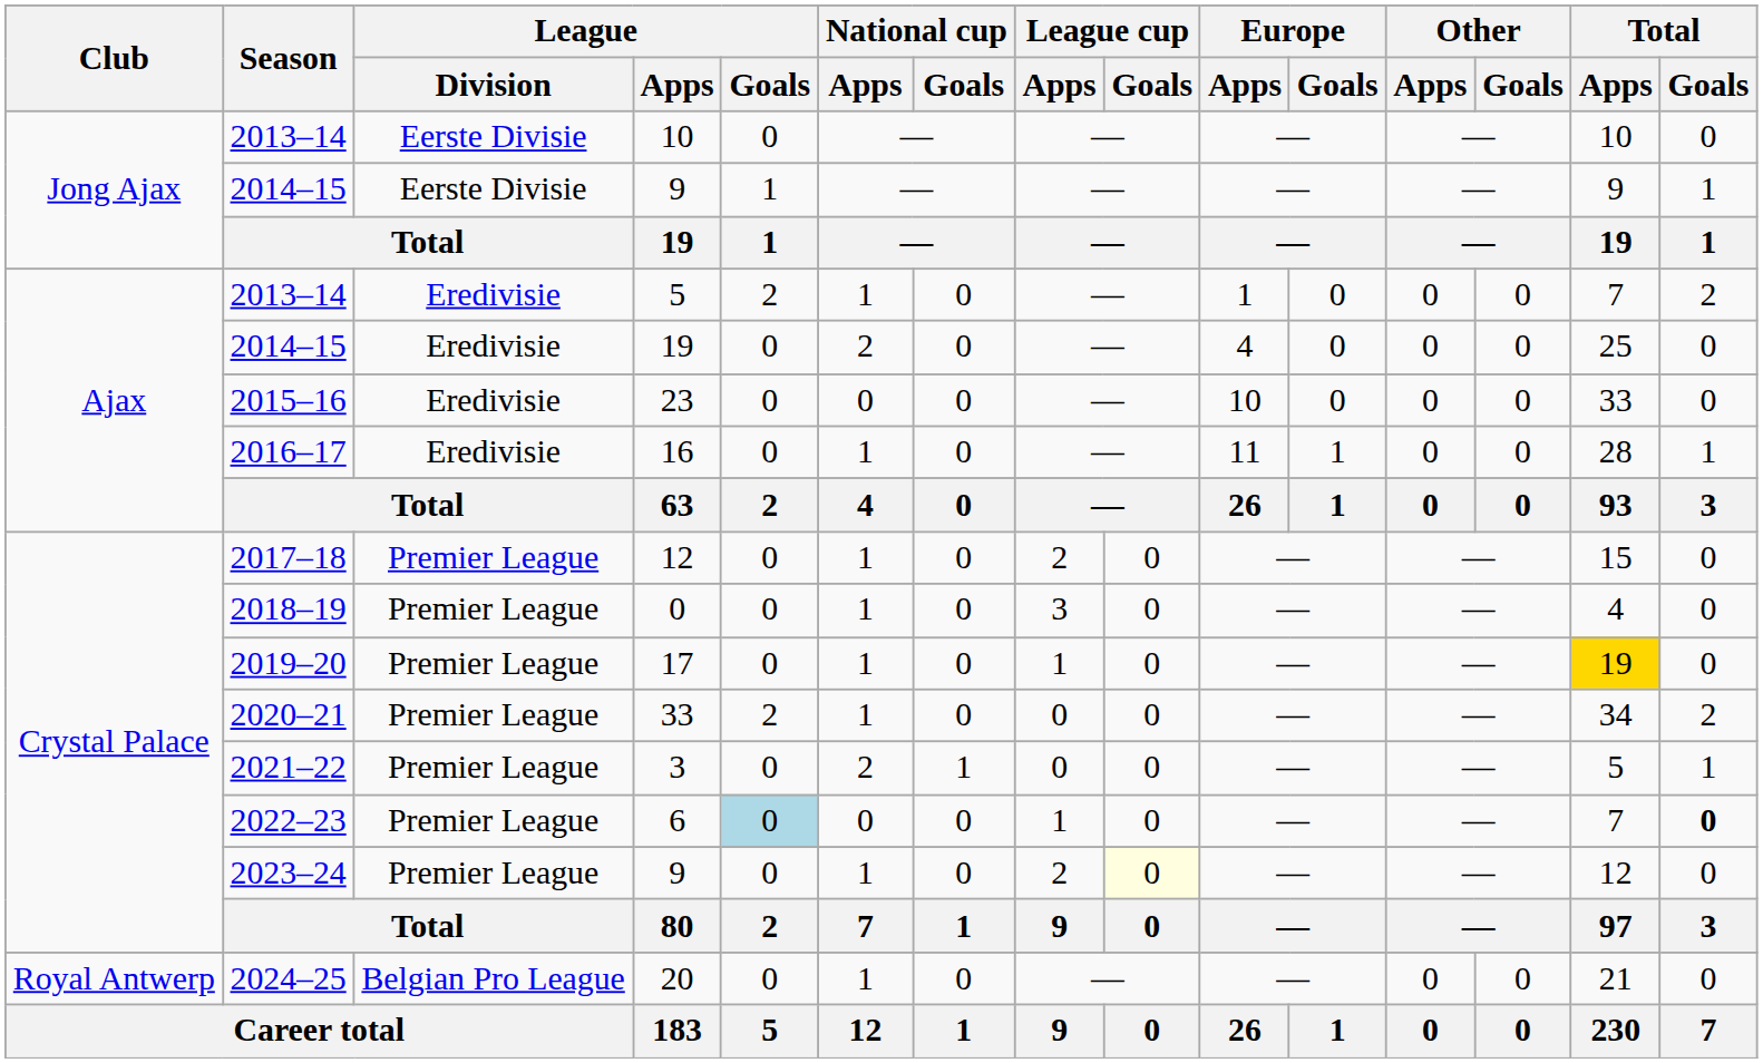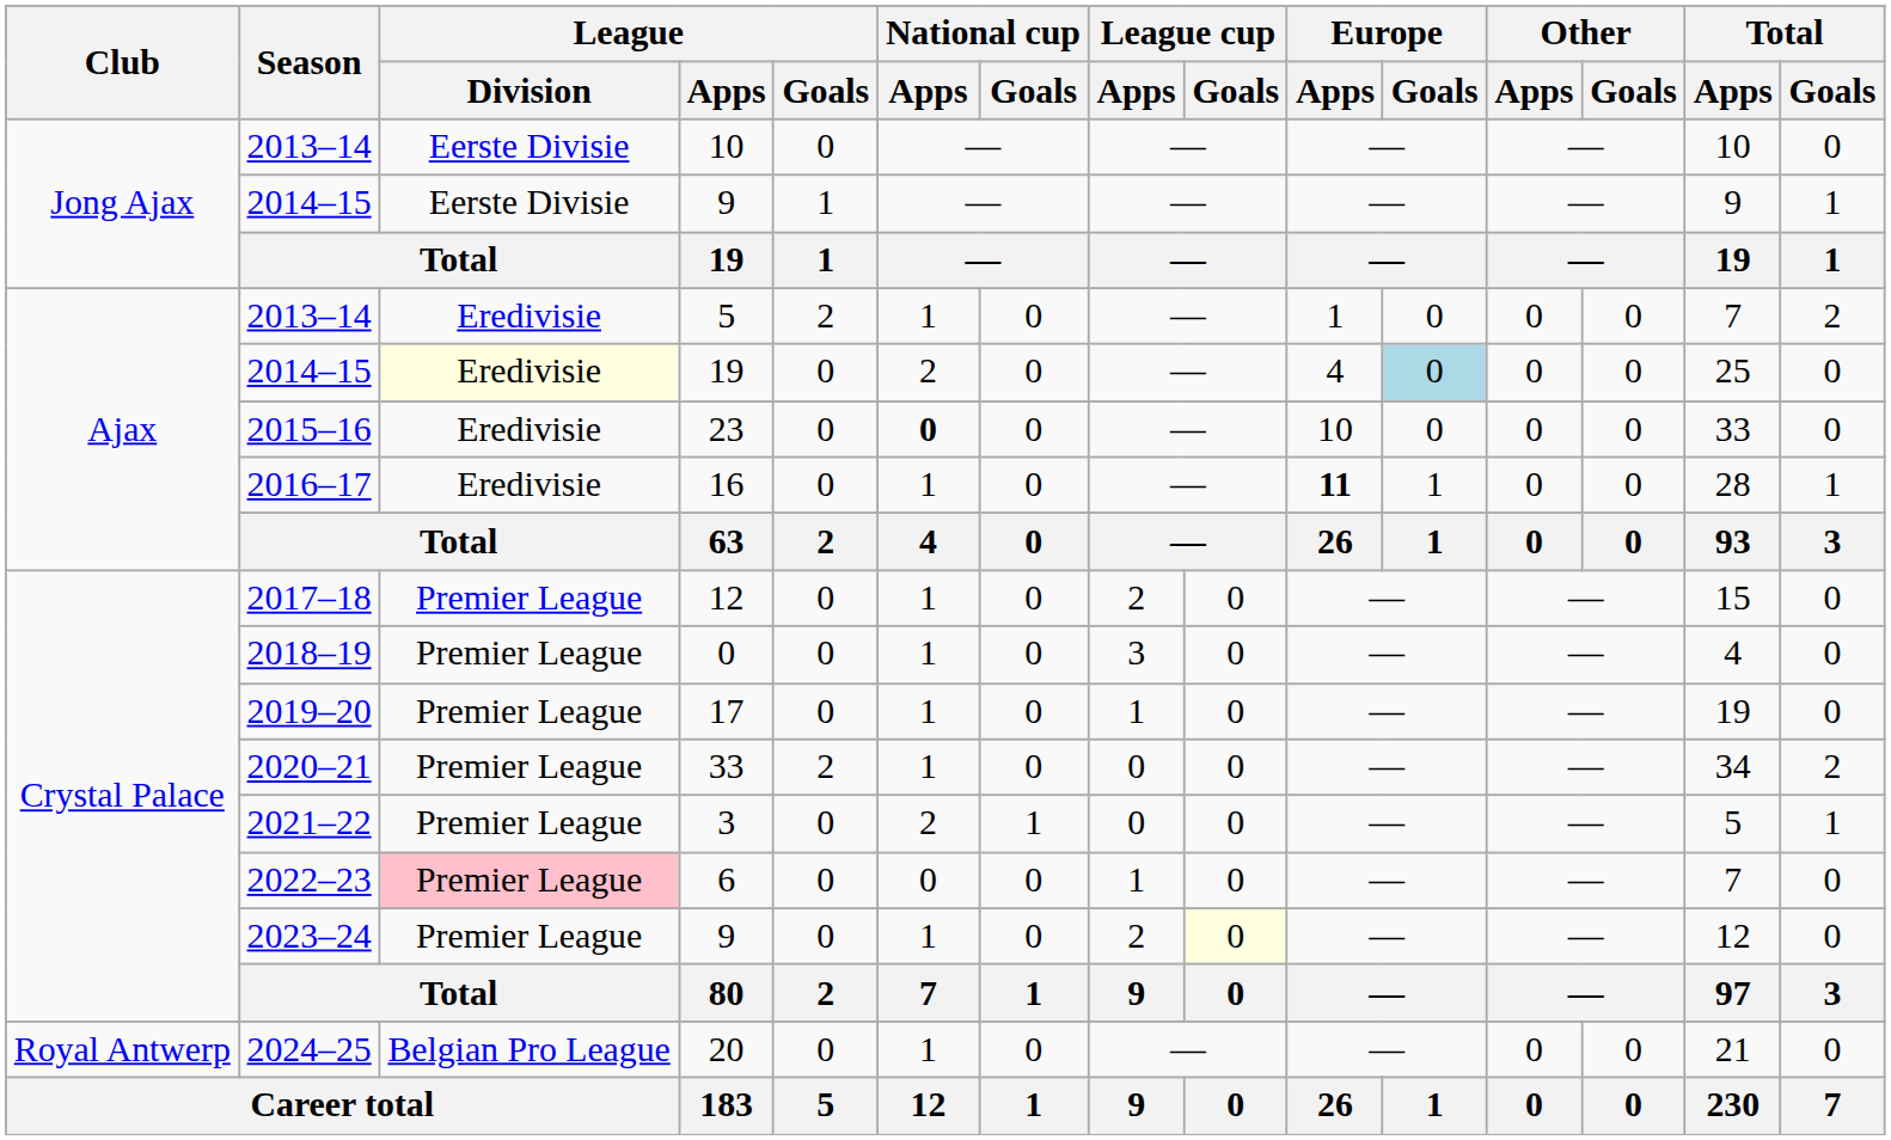 <table class="wikitable" style="text-align:center">
 <tr>
 <th rowspan="2">Club</th>
 <th rowspan="2">Season</th>
 <th colspan="3">League</th>
 <th colspan="2">National cup</th>
 <th colspan="2">League cup</th>
 <th colspan="2">Europe</th>
 <th colspan="2">Other</th>
 <th colspan="2">Total</th>
 </tr>
 <tr>
 <th>Division</th>
 <th>Apps</th>
 <th>Goals</th>
 <th>Apps</th>
 <th>Goals</th>
 <th>Apps</th>
 <th>Goals</th>
 <th>Apps</th>
 <th>Goals</th>
 <th>Apps</th>
 <th>Goals</th>
 <th>Apps</th>
 <th>Goals</th>
 </tr>
 <tr>
 <td rowspan="3"><a href='#'>Jong Ajax</a></td>
 <td><a href='#'>2013–14</a></td>
 <td><a href='#'>Eerste Divisie</a></td>
 <td>10</td>
 <td>0</td>
 <td colspan="2">—</td>
 <td colspan="2">—</td>
 <td colspan="2">—</td>
 <td colspan="2">—</td>
 <td>10</td>
 <td>0</td>
 </tr>
 <tr>
 <td><a href='#'>2014–15</a></td>
 <td>Eerste Divisie</td>
 <td>9</td>
 <td>1</td>
 <td colspan="2">—</td>
 <td colspan="2">—</td>
 <td colspan="2">—</td>
 <td colspan="2">—</td>
 <td>9</td>
 <td>1</td>
 </tr>
 <tr>
 <th colspan="2">Total</th>
 <th>19</th>
 <th>1</th>
 <th colspan="2">—</th>
 <th colspan="2">—</th>
 <th colspan="2">—</th>
 <th colspan="2">—</th>
 <th>19</th>
 <th>1</th>
 </tr>
 <tr>
 <td rowspan="5"><a href='#'>Ajax</a></td>
 <td><a href='#'>2013–14</a></td>
 <td><a href='#'>Eredivisie</a></td>
 <td>5</td>
 <td>2</td>
 <td>1</td>
 <td>0</td>
 <td colspan="2">—</td>
 <td>1</td>
 <td>0</td>
 <td>0</td>
 <td>0</td>
 <td>7</td>
 <td>2</td>
 </tr>
 <tr>
 <td><a href='#'>2014–15</a></td>
-<td>Eredivisie</td>
+<td style="background: lightyellow;">Eredivisie</td>
 <td>19</td>
 <td>0</td>
 <td>2</td>
 <td>0</td>
 <td colspan="2">—</td>
 <td>4</td>
-<td>0</td>
+<td style="background: lightblue;">0</td>
 <td>0</td>
 <td>0</td>
 <td>25</td>
 <td>0</td>
 </tr>
 <tr>
 <td><a href='#'>2015–16</a></td>
 <td>Eredivisie</td>
 <td>23</td>
 <td>0</td>
-<td>0</td>
+<td><strong>0</strong></td>
 <td>0</td>
 <td colspan="2">—</td>
 <td>10</td>
 <td>0</td>
 <td>0</td>
 <td>0</td>
 <td>33</td>
 <td>0</td>
 </tr>
 <tr>
 <td><a href='#'>2016–17</a></td>
 <td>Eredivisie</td>
 <td>16</td>
 <td>0</td>
 <td>1</td>
 <td>0</td>
 <td colspan="2">—</td>
-<td>11</td>
+<td><strong>11</strong></td>
 <td>1</td>
 <td>0</td>
 <td>0</td>
 <td>28</td>
 <td>1</td>
 </tr>
 <tr>
 <th colspan="2">Total</th>
 <th>63</th>
 <th>2</th>
 <th>4</th>
 <th>0</th>
 <th colspan="2">—</th>
 <th>26</th>
 <th>1</th>
 <th>0</th>
 <th>0</th>
 <th>93</th>
 <th>3</th>
 </tr>
 <tr>
 <td rowspan="8"><a href='#'>Crystal Palace</a></td>
 <td><a href='#'>2017–18</a></td>
 <td><a href='#'>Premier League</a></td>
 <td>12</td>
 <td>0</td>
 <td>1</td>
 <td>0</td>
 <td>2</td>
 <td>0</td>
 <td colspan="2">—</td>
 <td colspan="2">—</td>
 <td>15</td>
 <td>0</td>
 </tr>
 <tr>
 <td><a href='#'>2018–19</a></td>
 <td>Premier League</td>
 <td>0</td>
 <td>0</td>
 <td>1</td>
 <td>0</td>
 <td>3</td>
 <td>0</td>
 <td colspan="2">—</td>
 <td colspan="2">—</td>
 <td>4</td>
 <td>0</td>
 </tr>
 <tr>
 <td><a href='#'>2019–20</a></td>
 <td>Premier League</td>
 <td>17</td>
 <td>0</td>
 <td>1</td>
 <td>0</td>
 <td>1</td>
 <td>0</td>
 <td colspan="2">—</td>
 <td colspan="2">—</td>
-<td style="background: gold;">19</td>
+<td>19</td>
 <td>0</td>
 </tr>
 <tr>
 <td><a href='#'>2020–21</a></td>
 <td>Premier League</td>
 <td>33</td>
 <td>2</td>
 <td>1</td>
 <td>0</td>
 <td>0</td>
 <td>0</td>
 <td colspan="2">—</td>
 <td colspan="2">—</td>
 <td>34</td>
 <td>2</td>
 </tr>
 <tr>
 <td><a href='#'>2021–22</a></td>
 <td>Premier League</td>
 <td>3</td>
 <td>0</td>
 <td>2</td>
 <td>1</td>
 <td>0</td>
 <td>0</td>
 <td colspan="2">—</td>
 <td colspan="2">—</td>
 <td>5</td>
 <td>1</td>
 </tr>
 <tr>
 <td><a href='#'>2022–23</a></td>
-<td>Premier League</td>
+<td style="background: pink;">Premier League</td>
 <td>6</td>
-<td style="background: lightblue;">0</td>
+<td>0</td>
 <td>0</td>
 <td>0</td>
 <td>1</td>
 <td>0</td>
 <td colspan="2">—</td>
 <td colspan="2">—</td>
 <td>7</td>
-<td><strong>0</strong></td>
+<td>0</td>
 </tr>
 <tr>
 <td><a href='#'>2023–24</a></td>
 <td>Premier League</td>
 <td>9</td>
 <td>0</td>
 <td>1</td>
 <td>0</td>
 <td>2</td>
 <td style="background: lightyellow;">0</td>
 <td colspan="2">—</td>
 <td colspan="2">—</td>
 <td>12</td>
 <td>0</td>
 </tr>
 <tr>
 <th colspan="2">Total</th>
 <th>80</th>
 <th>2</th>
 <th>7</th>
 <th>1</th>
 <th>9</th>
 <th>0</th>
 <th colspan=2>—</th>
 <th colspan=2>—</th>
 <th>97</th>
 <th>3</th>
 </tr>
 <tr>
 <td><a href='#'>Royal Antwerp</a></td>
 <td><a href='#'>2024–25</a></td>
 <td><a href='#'>Belgian Pro League</a></td>
 <td>20</td>
 <td>0</td>
 <td>1</td>
 <td>0</td>
 <td colspan="2">—</td>
 <td colspan="2">—</td>
 <td>0</td>
 <td>0</td>
 <td>21</td>
 <td>0</td>
 </tr>
 <tr>
 <th colspan="3">Career total</th>
 <th>183</th>
 <th>5</th>
 <th>12</th>
 <th>1</th>
 <th>9</th>
 <th>0</th>
 <th>26</th>
 <th>1</th>
 <th>0</th>
 <th>0</th>
 <th>230</th>
 <th>7</th>
 </tr>
 </table>
